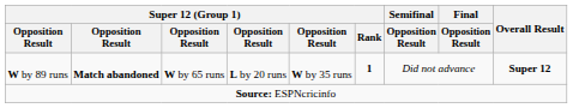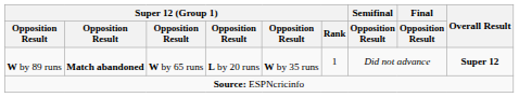 <table class=wikitable style=font-size:90%;text-align:center>
 <tr>
 <th colspan=6>Super 12 (Group 1)</th>
 <th>Semifinal</th>
 <th>Final</th>
 <th rowspan=2>Overall Result</th>
 </tr>
 <tr style=font-size:95%>
 <th>Opposition<br>Result</th>
 <th>Opposition<br>Result</th>
 <th>Opposition<br>Result</th>
 <th>Opposition<br>Result</th>
 <th>Opposition<br>Result</th>
 <th>Rank</th>
 <th>Opposition<br>Result</th>
 <th>Opposition<br>Result</th>
 </tr>
 <tr>
 <td><br><strong>W</strong> by 89 runs</td>
 <td><br><strong>Match abandoned</strong></td>
 <td><br><strong>W</strong> by 65 runs</td>
 <td><br><strong>L</strong> by 20 runs</td>
 <td><br><strong>W</strong> by 35 runs</td>
-<td><strong>1</strong></td>
+<td>1</td>
 <td colspan="2"><em>Did not advance</em></td>
 <td><strong>Super 12</strong></td>
 </tr>
 <tr>
 <td colspan="11"><strong>Source:</strong> ESPNcricinfo</td>
 </tr>
 </table>
